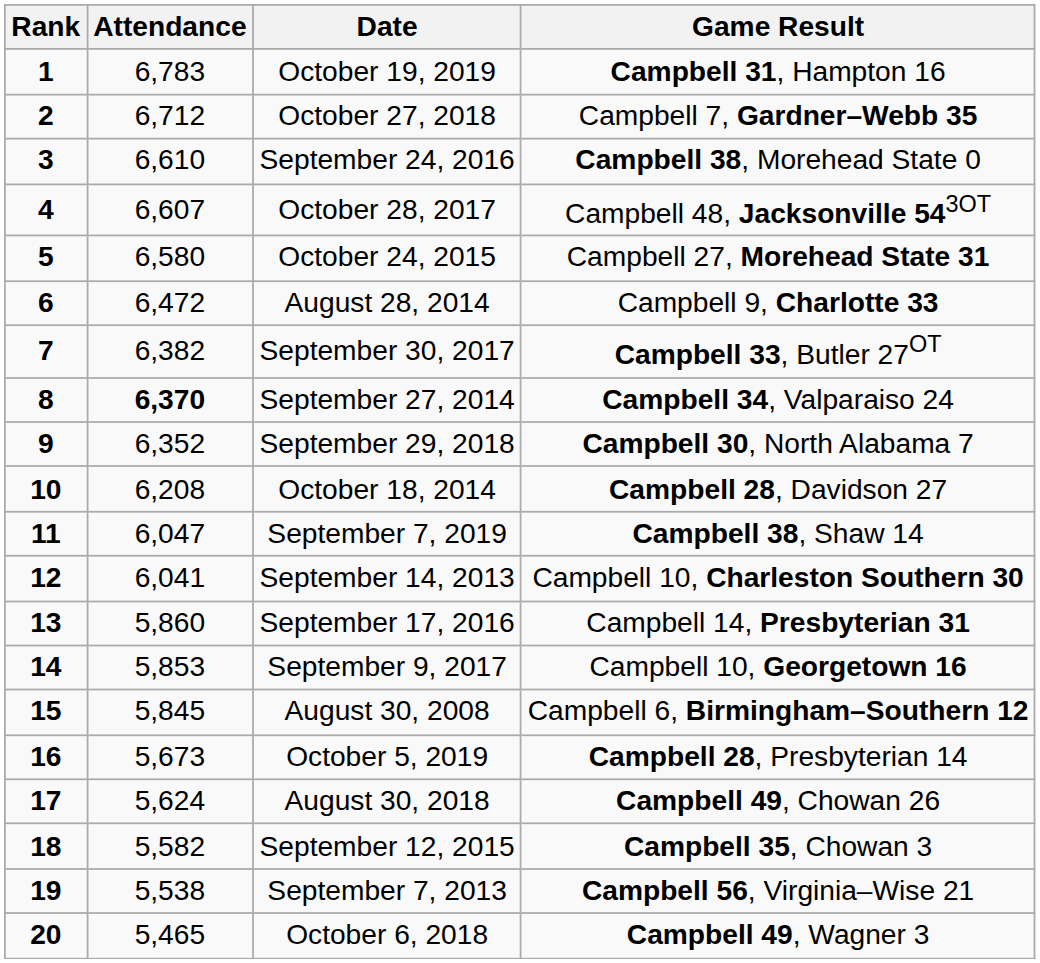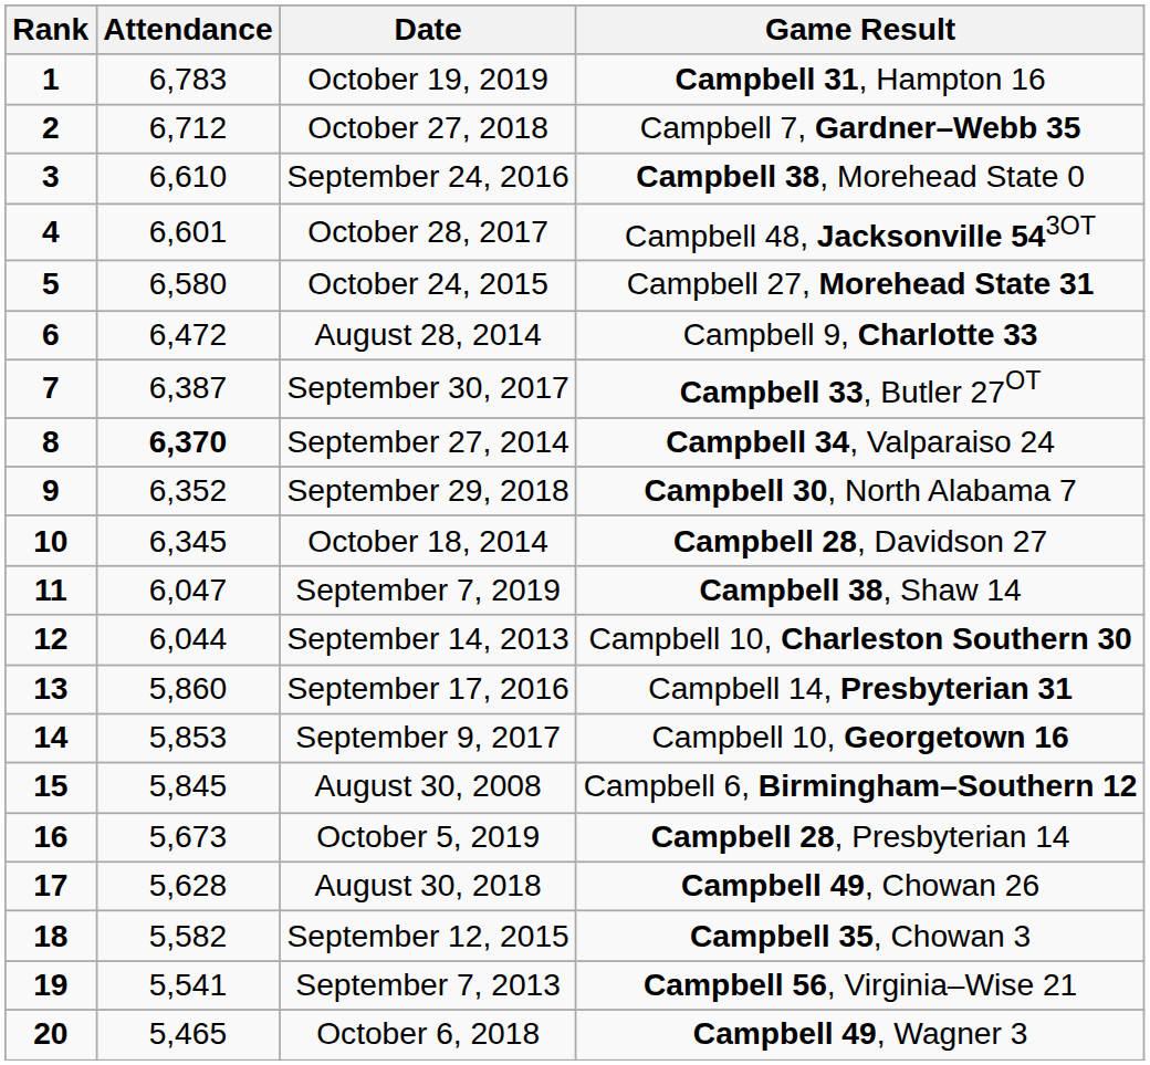 <table class="wikitable">
 <tr>
 <th>Rank</th>
 <th>Attendance</th>
 <th>Date</th>
 <th>Game Result</th>
 </tr>
 <tr align="center">
 <td><strong>1</strong></td>
 <td>6,783</td>
 <td>October 19, 2019</td>
 <td><strong>Campbell 31</strong>, Hampton 16</td>
 </tr>
 <tr align="center">
 <td><strong>2</strong></td>
 <td>6,712</td>
 <td>October 27, 2018</td>
 <td>Campbell 7, <strong>Gardner–Webb 35</strong></td>
 </tr>
 <tr align="center">
 <td><strong>3</strong></td>
 <td>6,610</td>
 <td>September 24, 2016</td>
 <td><strong>Campbell 38</strong>, Morehead State 0</td>
 </tr>
 <tr align="center">
 <td><strong>4</strong></td>
-<td>6,607</td>
+<td>6,601</td>
 <td>October 28, 2017</td>
 <td>Campbell 48, <strong>Jacksonville 54</strong><sup>3OT</sup></td>
 </tr>
 <tr align="center">
 <td><strong>5</strong></td>
 <td>6,580</td>
 <td>October 24, 2015</td>
 <td>Campbell 27, <strong>Morehead State 31</strong></td>
 </tr>
 <tr align="center">
 <td><strong>6</strong></td>
 <td>6,472</td>
 <td>August 28, 2014</td>
 <td>Campbell 9, <strong>Charlotte 33</strong></td>
 </tr>
 <tr align="center">
 <td><strong>7</strong></td>
-<td>6,382</td>
+<td>6,387</td>
 <td>September 30, 2017</td>
 <td><strong>Campbell 33</strong>, Butler 27<sup>OT</sup></td>
 </tr>
 <tr align="center">
 <td><strong>8</strong></td>
 <td><strong>6,370</strong></td>
 <td>September 27, 2014</td>
 <td><strong>Campbell 34</strong>, Valparaiso 24</td>
 </tr>
 <tr align="center">
 <td><strong>9</strong></td>
 <td>6,352</td>
 <td>September 29, 2018</td>
 <td><strong>Campbell 30</strong>, North Alabama 7</td>
 </tr>
 <tr align="center">
 <td><strong>10</strong></td>
-<td>6,208</td>
+<td>6,345</td>
 <td>October 18, 2014</td>
 <td><strong>Campbell 28</strong>, Davidson 27</td>
 </tr>
 <tr align="center">
 <td><strong>11</strong></td>
 <td>6,047</td>
 <td>September 7, 2019</td>
 <td><strong>Campbell 38</strong>, Shaw 14</td>
 </tr>
 <tr align="center">
 <td><strong>12</strong></td>
-<td>6,041</td>
+<td>6,044</td>
 <td>September 14, 2013</td>
 <td>Campbell 10, <strong>Charleston Southern 30</strong></td>
 </tr>
 <tr align="center">
 <td><strong>13</strong></td>
 <td>5,860</td>
 <td>September 17, 2016</td>
 <td>Campbell 14, <strong>Presbyterian 31</strong></td>
 </tr>
 <tr align="center">
 <td><strong>14</strong></td>
 <td>5,853</td>
 <td>September 9, 2017</td>
 <td>Campbell 10, <strong>Georgetown 16</strong></td>
 </tr>
 <tr align="center">
 <td><strong>15</strong></td>
 <td>5,845</td>
 <td>August 30, 2008</td>
 <td>Campbell 6, <strong>Birmingham–Southern 12</strong></td>
 </tr>
 <tr align="center">
 <td><strong>16</strong></td>
 <td>5,673</td>
 <td>October 5, 2019</td>
 <td><strong>Campbell 28</strong>, Presbyterian 14</td>
 </tr>
 <tr align="center">
 <td><strong>17</strong></td>
-<td>5,624</td>
+<td>5,628</td>
 <td>August 30, 2018</td>
 <td><strong>Campbell 49</strong>, Chowan 26</td>
 </tr>
 <tr align="center">
 <td><strong>18</strong></td>
 <td>5,582</td>
 <td>September 12, 2015</td>
 <td><strong>Campbell 35</strong>, Chowan 3</td>
 </tr>
 <tr align="center">
 <td><strong>19</strong></td>
-<td>5,538</td>
+<td>5,541</td>
 <td>September 7, 2013</td>
 <td><strong>Campbell 56</strong>, Virginia–Wise 21</td>
 </tr>
 <tr align="center">
 <td><strong>20</strong></td>
 <td>5,465</td>
 <td>October 6, 2018</td>
 <td><strong>Campbell 49</strong>, Wagner 3</td>
 </tr>
 <tr align="center">
 </tr>
 <tr>
 </tr>
 </table>
